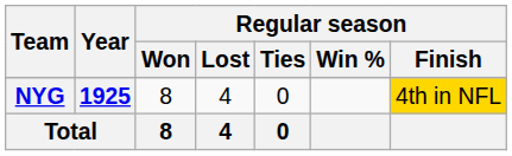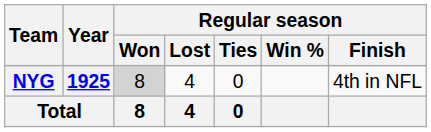 <table class="wikitable" style="font-size: 95%; text-align:center;">
 <tr>
 <th rowspan="2">Team</th>
 <th rowspan="2">Year</th>
 <th colspan="5">Regular season</th>
 </tr>
 <tr>
 <th>Won</th>
 <th>Lost</th>
 <th>Ties</th>
 <th>Win %</th>
 <th>Finish</th>
 </tr>
 <tr ! style="background:;">
 </tr>
 <tr>
 <th><a href='#'>NYG</a></th>
 <th><a href='#'>1925</a></th>
-<td>8</td>
+<td style="background: lightgrey;">8</td>
 <td>4</td>
 <td>0</td>
 <td></td>
-<td style="background: gold;">4th in NFL</td>
+<td>4th in NFL</td>
 </tr>
 <tr>
 <th colspan="2">Total</th>
 <th>8</th>
 <th>4</th>
 <th>0</th>
 <th></th>
 <th></th>
 </tr>
 </table>
